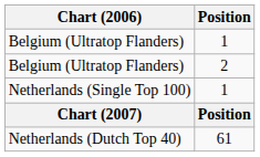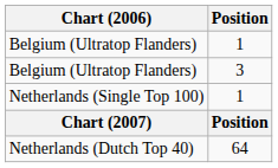 <table class="wikitable">
 <tr>
 <th>Chart (2006)</th>
 <th>Position</th>
 </tr>
 <tr>
 <td>Belgium (Ultratop Flanders)</td>
 <td style="text-align:center;">1</td>
 </tr>
 <tr>
 <td>Belgium (Ultratop Flanders)</td>
-<td style="text-align:center;">2</td>
+<td style="text-align:center;">3</td>
 </tr>
 <tr>
 <td>Netherlands (Single Top 100)</td>
 <td style="text-align:center;">1</td>
 </tr>
 <tr>
 <th>Chart (2007)</th>
 <th>Position</th>
 </tr>
 <tr>
 <td>Netherlands (Dutch Top 40)</td>
-<td style="text-align:center;">61</td>
+<td style="text-align:center;">64</td>
 </tr>
 </table>
